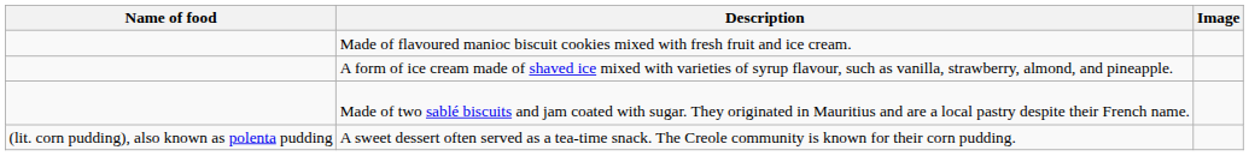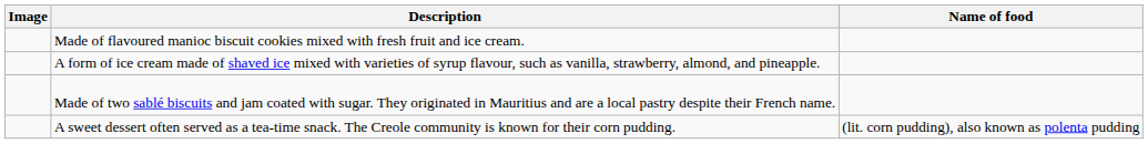 <table class="wikitable">
 <tr>
+<th>Image</th>
+<th>Description</th>
 <th>Name of food</th>
-<th>Description</th>
-<th>Image</th>
 </tr>
 <tr>
+<td></td>
+<td>Made of flavoured manioc biscuit cookies mixed with fresh fruit and ice cream.</td>
 <td><strong></strong></td>
-<td>Made of flavoured manioc biscuit cookies mixed with fresh fruit and ice cream.</td>
-<td></td>
 </tr>
 <tr>
+<td></td>
+<td>A form of ice cream made of <a href='#'>shaved ice</a> mixed with varieties of syrup flavour, such as vanilla, strawberry, almond, and pineapple.</td>
 <td><strong></strong></td>
-<td>A form of ice cream made of <a href='#'>shaved ice</a> mixed with varieties of syrup flavour, such as vanilla, strawberry, almond, and pineapple.</td>
-<td></td>
 </tr>
 <tr>
+<td></td>
+<td><br>Made of two <a href='#'>sablé biscuits</a> and jam coated with sugar. They originated in Mauritius and are a local pastry despite their French name.</td>
 <td><strong></strong></td>
-<td><br>Made of two <a href='#'>sablé biscuits</a> and jam coated with sugar. They originated in Mauritius and are a local pastry despite their French name.</td>
-<td></td>
 </tr>
 <tr>
+<td></td>
+<td>A sweet dessert often served as a tea-time snack. The Creole community is known for their corn pudding.</td>
 <td><strong></strong> (lit. corn pudding), also known as <a href='#'>polenta</a> pudding</td>
-<td>A sweet dessert often served as a tea-time snack. The Creole community is known for their corn pudding.</td>
-<td></td>
 </tr>
 </table>
